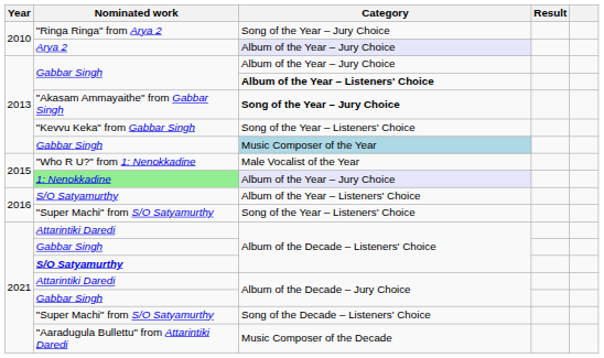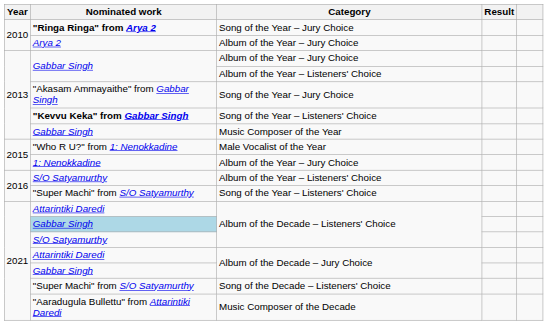 <table class="wikitable" style="width:100%;">
 <tr>
 <th scope="col" style="width:4%;">Year</th>
 <th scope="col" style="width:35%;">Nominated work</th>
 <th scope="col" style="width:50%;">Category</th>
 <th scope="col" style="width:6%;">Result</th>
 <th scope="col" style="width:5%;"></th>
 </tr>
 <tr>
 <td rowspan="2">2010</td>
-<td>"Ringa Ringa" from <em><a href='#'>Arya 2</a></em></td>
+<td><strong>"Ringa Ringa" from <em><a href='#'>Arya 2</a></em></strong></td>
 <td>Song of the Year – Jury Choice</td>
 <td></td>
 <td></td>
 </tr>
 <tr>
 <td><em><a href='#'>Arya 2</a></em></td>
-<td style="background: lavender;">Album of the Year – Jury Choice</td>
+<td>Album of the Year – Jury Choice</td>
 <td></td>
 <td></td>
 </tr>
 <tr>
 <td rowspan="5">2013</td>
 <td rowspan="2"><a href='#'><em>Gabbar Singh</em></a></td>
 <td>Album of the Year – Jury Choice</td>
 <td></td>
 <td></td>
 </tr>
 <tr>
-<td><strong>Album of the Year – Listeners' Choice</strong></td>
+<td>Album of the Year – Listeners' Choice</td>
 <td></td>
 <td></td>
 </tr>
 <tr>
 <td>"Akasam Ammayaithe" from <a href='#'><em>Gabbar Singh</em></a></td>
-<td><strong>Song of the Year – Jury Choice</strong></td>
+<td>Song of the Year – Jury Choice</td>
 <td></td>
 <td></td>
 </tr>
 <tr>
-<td>"Kevvu Keka" from <a href='#'><em>Gabbar Singh</em></a></td>
+<td><strong>"Kevvu Keka" from <a href='#'><em>Gabbar Singh</em></a></strong></td>
 <td>Song of the Year – Listeners' Choice</td>
 <td></td>
 <td></td>
 </tr>
 <tr>
 <td><a href='#'><em>Gabbar Singh</em></a></td>
-<td style="background: lightblue;">Music Composer of the Year</td>
+<td>Music Composer of the Year</td>
 <td></td>
 <td></td>
 </tr>
 <tr>
 <td rowspan="2">2015</td>
 <td>"Who R U?" from <em><a href='#'>1: Nenokkadine</a></em></td>
 <td>Male Vocalist of the Year</td>
 <td></td>
 <td></td>
 </tr>
 <tr>
-<td style="background: lightgreen;"><em><a href='#'>1: Nenokkadine</a></em></td>
-<td style="background: lavender;">Album of the Year – Jury Choice</td>
+<td><em><a href='#'>1: Nenokkadine</a></em></td>
+<td>Album of the Year – Jury Choice</td>
 <td></td>
 <td></td>
 </tr>
 <tr>
 <td rowspan="2">2016</td>
 <td><em><a href='#'>S/O Satyamurthy</a></em></td>
 <td>Album of the Year – Listeners' Choice</td>
 <td></td>
 <td></td>
 </tr>
 <tr>
 <td>"Super Machi" from <em><a href='#'>S/O Satyamurthy</a></em></td>
 <td>Song of the Year – Listeners' Choice</td>
 <td></td>
 <td></td>
 </tr>
 <tr>
 <td rowspan="7">2021</td>
 <td><em><a href='#'>Attarintiki Daredi</a></em></td>
 <td rowspan="3">Album of the Decade – Listeners' Choice</td>
 <td></td>
 <td></td>
 </tr>
 <tr>
-<td><a href='#'><em>Gabbar Singh</em></a></td>
+<td style="background: lightblue;"><a href='#'><em>Gabbar Singh</em></a></td>
 <td></td>
 <td></td>
 </tr>
 <tr>
-<td><strong><em><a href='#'>S/O Satyamurthy</a></em></strong></td>
+<td><em><a href='#'>S/O Satyamurthy</a></em></td>
 <td></td>
 <td></td>
 </tr>
 <tr>
 <td><em><a href='#'>Attarintiki Daredi</a></em></td>
 <td rowspan="2">Album of the Decade – Jury Choice</td>
 <td></td>
 <td></td>
 </tr>
 <tr>
 <td><a href='#'><em>Gabbar Singh</em></a></td>
 <td></td>
 <td></td>
 </tr>
 <tr>
 <td>"Super Machi" from <em><a href='#'>S/O Satyamurthy</a></em></td>
 <td>Song of the Decade – Listeners' Choice</td>
 <td></td>
 <td></td>
 </tr>
 <tr>
 <td>"Aaradugula Bullettu" from <em><a href='#'>Attarintiki Daredi</a></em></td>
 <td>Music Composer of the Decade</td>
 <td></td>
 <td></td>
 </tr>
 </table>
